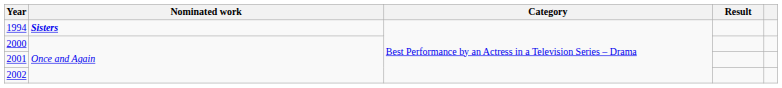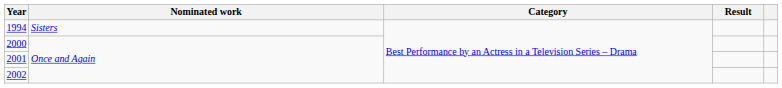 <table class="wikitable">
 <tr>
 <th scope="col" style="width:1em;">Year</th>
 <th scope="col" style="width:39em;">Nominated work</th>
 <th scope="col" style="width:36em;">Category</th>
 <th scope="col" style="width:5em;">Result</th>
 <th scope="col" style="width:1em;"></th>
 </tr>
 <tr>
 <td><a href='#'>1994</a></td>
-<td><strong><em><a href='#'>Sisters</a></em></strong></td>
+<td><em><a href='#'>Sisters</a></em></td>
 <td rowspan="4"><a href='#'>Best Performance by an Actress in a Television Series – Drama</a></td>
 <td></td>
 <td></td>
 </tr>
 <tr>
 <td><a href='#'>2000</a></td>
 <td rowspan="3"><em><a href='#'>Once and Again</a></em></td>
 <td></td>
 <td></td>
 </tr>
 <tr>
 <td><a href='#'>2001</a></td>
 <td></td>
 <td></td>
 </tr>
 <tr>
 <td><a href='#'>2002</a></td>
 <td></td>
 <td></td>
 </tr>
 </table>
